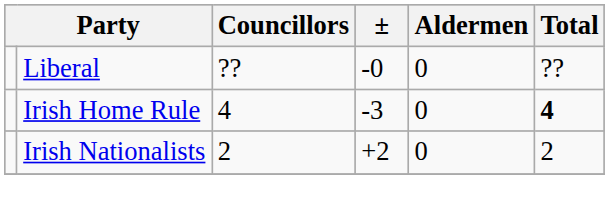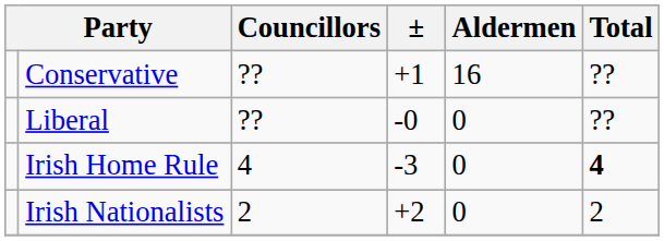 <table class="wikitable">
 <tr>
 <th colspan="2">Party</th>
 <th>Councillors</th>
 <th>  ±  </th>
 <th>Aldermen</th>
 <th>Total</th>
+</tr>
+<tr>
+<td style="background-color: "></td>
+<td><a href='#'>Conservative</a></td>
+<td>??</td>
+<td>+1</td>
+<td>16</td>
+<td>??</td>
 </tr>
 <tr>
 <td style="background-color: "></td>
 <td><a href='#'>Liberal</a></td>
 <td>??</td>
 <td>-0</td>
 <td>0</td>
 <td>??</td>
 </tr>
 <tr>
 <td style="background-color: "></td>
 <td><a href='#'>Irish Home Rule</a></td>
 <td>4</td>
 <td>-3</td>
 <td>0</td>
 <td><strong>4</strong></td>
 </tr>
 <tr>
 <td style="background-color: "></td>
 <td><a href='#'>Irish Nationalists</a></td>
 <td>2</td>
 <td>+2</td>
 <td>0</td>
 <td>2</td>
 </tr>
 <tr>
 </tr>
 </table>
